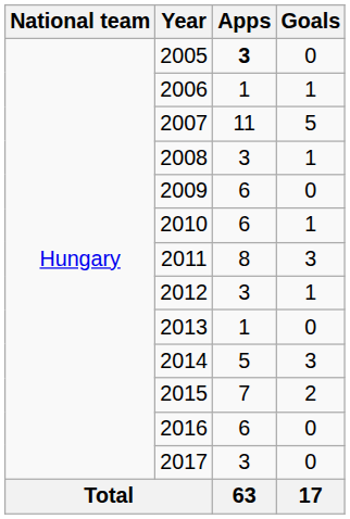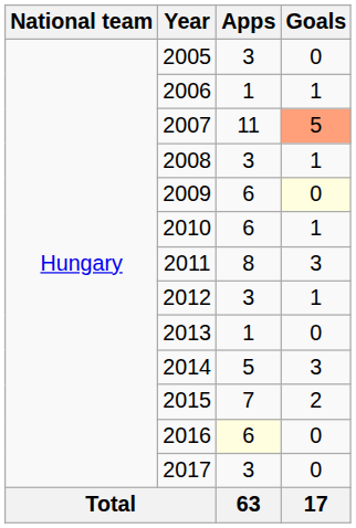 <table class="wikitable" style="text-align:center">
 <tr>
 <th>National team</th>
 <th>Year</th>
 <th>Apps</th>
 <th>Goals</th>
 </tr>
 <tr>
 <td rowspan="13"><a href='#'>Hungary</a></td>
 <td>2005</td>
-<td><strong>3</strong></td>
+<td>3</td>
 <td>0</td>
 </tr>
 <tr>
 <td>2006</td>
 <td>1</td>
 <td>1</td>
 </tr>
 <tr>
 <td>2007</td>
 <td>11</td>
-<td>5</td>
+<td style="background: lightsalmon;">5</td>
 </tr>
 <tr>
 <td>2008</td>
 <td>3</td>
 <td>1</td>
 </tr>
 <tr>
 <td>2009</td>
 <td>6</td>
-<td>0</td>
+<td style="background: lightyellow;">0</td>
 </tr>
 <tr>
 <td>2010</td>
 <td>6</td>
 <td>1</td>
 </tr>
 <tr>
 <td>2011</td>
 <td>8</td>
 <td>3</td>
 </tr>
 <tr>
 <td>2012</td>
 <td>3</td>
 <td>1</td>
 </tr>
 <tr>
 <td>2013</td>
 <td>1</td>
 <td>0</td>
 </tr>
 <tr>
 <td>2014</td>
 <td>5</td>
 <td>3</td>
 </tr>
 <tr>
 <td>2015</td>
 <td>7</td>
 <td>2</td>
 </tr>
 <tr>
 <td>2016</td>
-<td>6</td>
+<td style="background: lightyellow;">6</td>
 <td>0</td>
 </tr>
 <tr>
 <td>2017</td>
 <td>3</td>
 <td>0</td>
 </tr>
 <tr>
 <th colspan="2">Total</th>
 <th>63</th>
 <th>17</th>
 </tr>
 </table>
